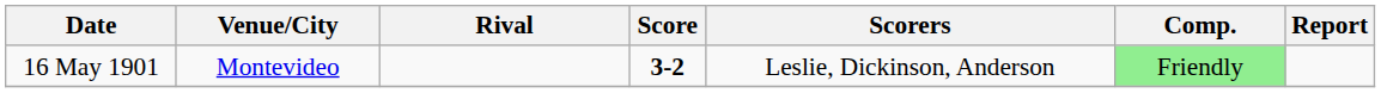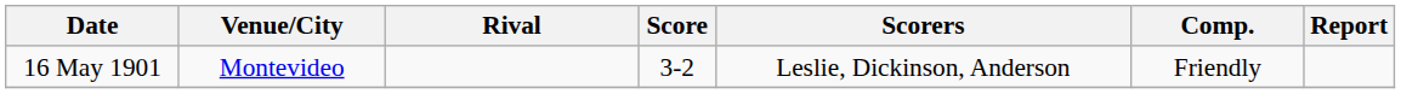 <table class="wikitable" style="text-align:center">
 <tr>
 <th width=100px>Date</th>
 <th width=120px>Venue/City</th>
 <th width=150px>Rival</th>
 <th width=40px>Score</th>
 <th width=250px>Scorers</th>
 <th width=100px>Comp.</th>
 <th width=30px>Report</th>
 </tr>
 <tr>
 <td>16 May 1901</td>
 <td><a href='#'>Montevideo</a></td>
 <td> </td>
-<td><strong>3-2</strong></td>
+<td>3-2</td>
 <td>Leslie, Dickinson, Anderson</td>
-<td style="background: lightgreen;">Friendly</td>
+<td>Friendly</td>
 <td></td>
 </tr>
 <tr>
 </tr>
 </table>
